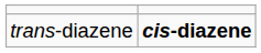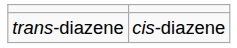 <table class="wikitable" style="margin: 1em auto 1em auto">
 <tr>
 <td> </td>
 <td> </td>
 </tr>
 <tr style="text-align:center;">
 <td><em>trans</em>-diazene</td>
-<td><strong><em>cis</em>-diazene</strong></td>
+<td><em>cis</em>-diazene</td>
 </tr>
 </table>
